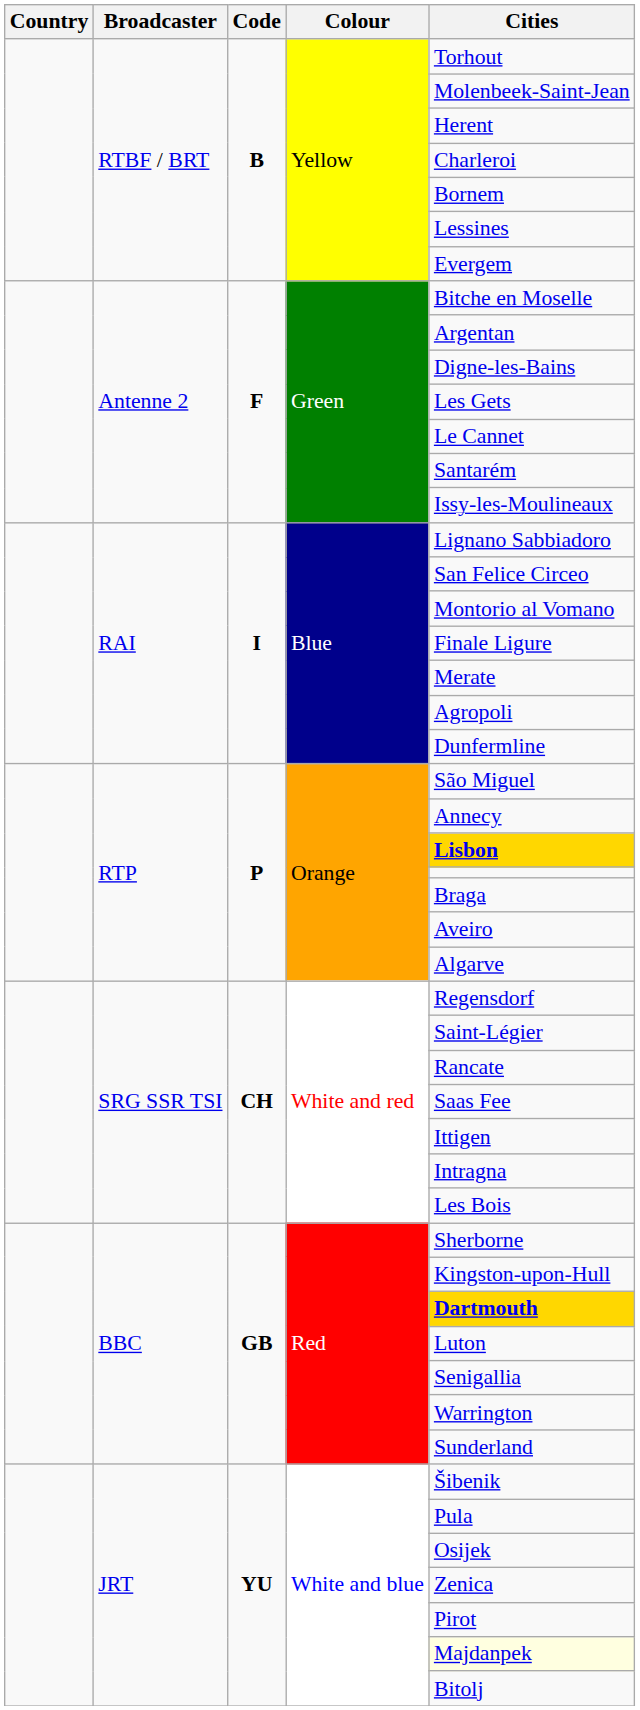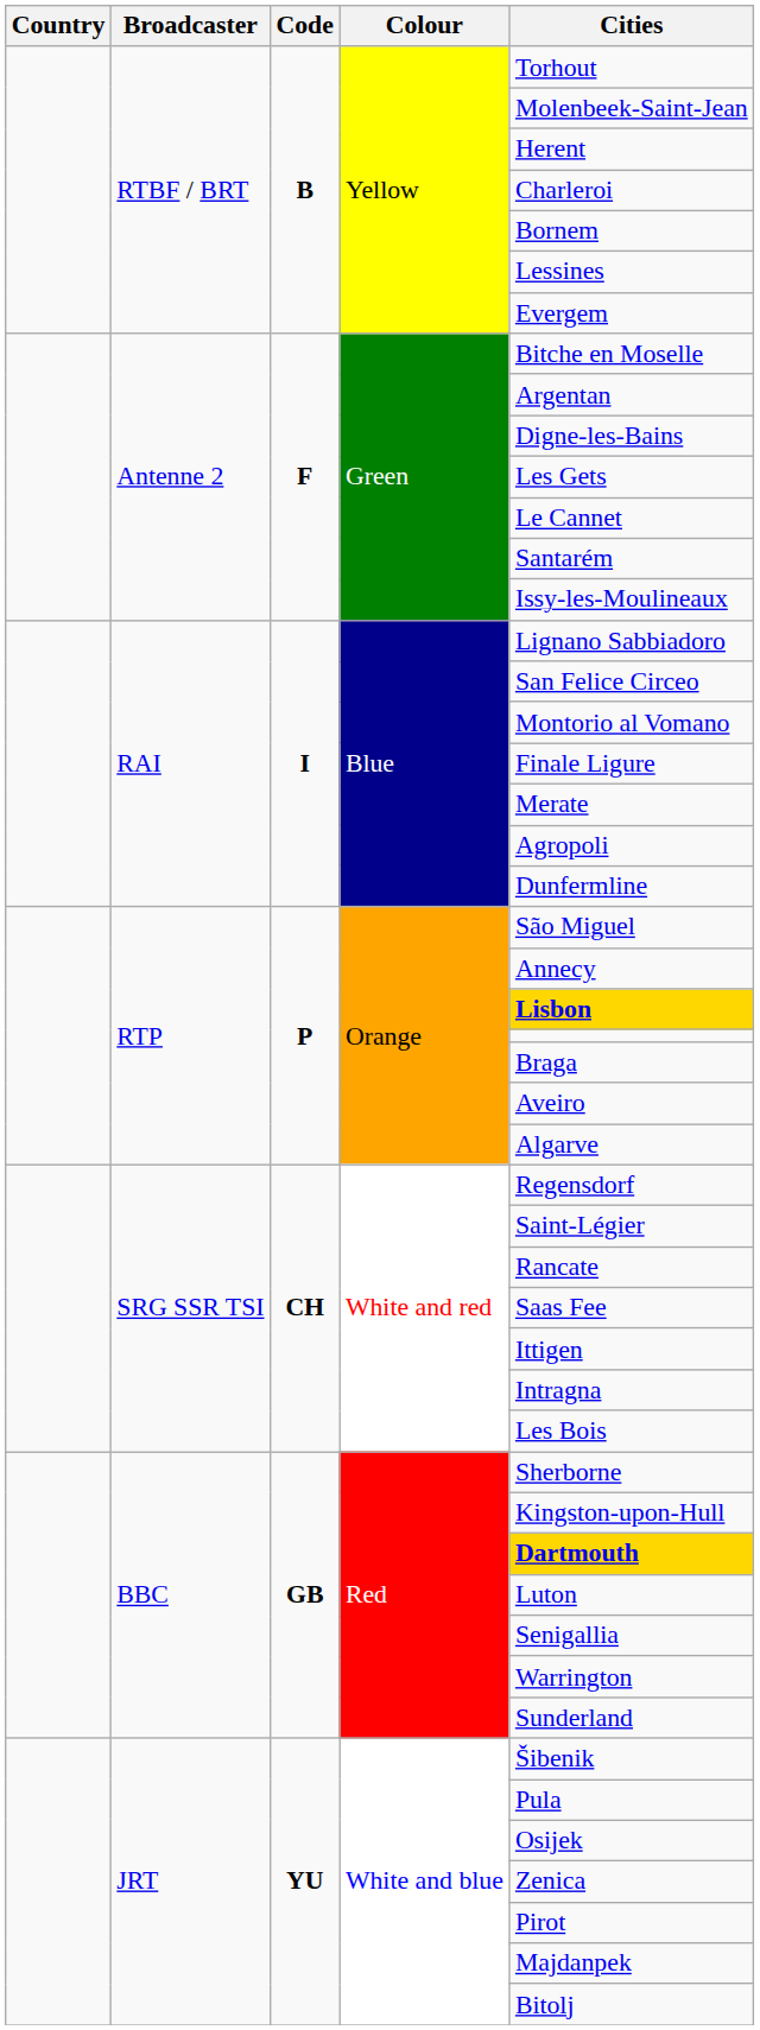 <table class="wikitable sortable">
 <tr>
 <th>Country</th>
 <th>Broadcaster</th>
 <th>Code</th>
 <th>Colour</th>
 <th>Cities</th>
 </tr>
 <tr>
 <td rowspan=7></td>
 <td rowspan=7><a href='#'>RTBF</a> / <a href='#'>BRT</a></td>
 <td rowspan=7 align="center"><strong>B</strong></td>
 <td rowspan=7 style="background:yellow">Yellow</td>
 <td><a href='#'>Torhout</a></td>
 </tr>
 <tr>
 <td><a href='#'>Molenbeek-Saint-Jean</a></td>
 </tr>
 <tr>
 <td><a href='#'>Herent</a></td>
 </tr>
 <tr>
 <td><a href='#'>Charleroi</a></td>
 </tr>
 <tr>
 <td><a href='#'>Bornem</a></td>
 </tr>
 <tr>
 <td><a href='#'>Lessines</a></td>
 </tr>
 <tr>
 <td><a href='#'>Evergem</a></td>
 </tr>
 <tr>
 <td rowspan=7></td>
 <td rowspan=7><a href='#'>Antenne 2</a></td>
 <td rowspan=7 align="center"><strong>F</strong></td>
 <td rowspan=7 style="background:green; color: white">Green</td>
 <td><a href='#'>Bitche en Moselle</a></td>
 </tr>
 <tr>
 <td><a href='#'>Argentan</a></td>
 </tr>
 <tr>
 <td><a href='#'>Digne-les-Bains</a></td>
 </tr>
 <tr>
 <td><a href='#'>Les Gets</a></td>
 </tr>
 <tr>
 <td><a href='#'>Le Cannet</a></td>
 </tr>
 <tr>
 <td><a href='#'>Santarém</a></td>
 </tr>
 <tr>
 <td><a href='#'>Issy-les-Moulineaux</a></td>
 </tr>
 <tr>
 <td rowspan=7></td>
 <td rowspan=7><a href='#'>RAI</a></td>
 <td rowspan=7 align="center"><strong>I</strong></td>
 <td rowspan=7 style="background:darkblue; color: white">Blue</td>
 <td><a href='#'>Lignano Sabbiadoro</a></td>
 </tr>
 <tr>
 <td><a href='#'>San Felice Circeo</a></td>
 </tr>
 <tr>
 <td><a href='#'>Montorio al Vomano</a></td>
 </tr>
 <tr>
 <td><a href='#'>Finale Ligure</a></td>
 </tr>
 <tr>
 <td><a href='#'>Merate</a></td>
 </tr>
 <tr>
 <td><a href='#'>Agropoli</a></td>
 </tr>
 <tr>
 <td><a href='#'>Dunfermline</a></td>
 </tr>
 <tr>
 <td rowspan=7></td>
 <td rowspan=7><a href='#'>RTP</a></td>
 <td rowspan=7 align="center"><strong>P</strong></td>
 <td rowspan=7 style="background:orange">Orange</td>
 <td> <a href='#'>São Miguel</a></td>
 </tr>
 <tr>
 <td><a href='#'>Annecy</a></td>
 </tr>
 <tr>
 <td style="font-weight:bold; background:gold;"><a href='#'>Lisbon</a></td>
 </tr>
 <tr>
 <td></td>
 </tr>
 <tr>
 <td><a href='#'>Braga</a></td>
 </tr>
 <tr>
 <td><a href='#'>Aveiro</a></td>
 </tr>
 <tr>
 <td><a href='#'>Algarve</a></td>
 </tr>
 <tr>
 <td rowspan=7></td>
 <td rowspan=7><a href='#'>SRG SSR TSI</a></td>
 <td rowspan=7 align="center"><strong>CH</strong></td>
 <td rowspan=7 style="background:white; color: red">White and red</td>
 <td><a href='#'>Regensdorf</a></td>
 </tr>
 <tr>
 <td><a href='#'>Saint-Légier</a></td>
 </tr>
 <tr>
 <td><a href='#'>Rancate</a></td>
 </tr>
 <tr>
 <td><a href='#'>Saas Fee</a></td>
 </tr>
 <tr>
 <td><a href='#'>Ittigen</a></td>
 </tr>
 <tr>
 <td><a href='#'>Intragna</a></td>
 </tr>
 <tr>
 <td><a href='#'>Les Bois</a></td>
 </tr>
 <tr>
 <td rowspan=7></td>
 <td rowspan=7><a href='#'>BBC</a></td>
 <td rowspan=7 align="center"><strong>GB</strong></td>
 <td rowspan=7 style="background:red; color: white">Red</td>
 <td><a href='#'>Sherborne</a></td>
 </tr>
 <tr>
 <td><a href='#'>Kingston-upon-Hull</a></td>
 </tr>
 <tr>
 <td style="font-weight:bold; background:gold;"><a href='#'>Dartmouth</a></td>
 </tr>
 <tr>
 <td><a href='#'>Luton</a></td>
 </tr>
 <tr>
 <td><a href='#'>Senigallia</a></td>
 </tr>
 <tr>
 <td><a href='#'>Warrington</a></td>
 </tr>
 <tr>
 <td><a href='#'>Sunderland</a></td>
 </tr>
 <tr>
 <td rowspan=7></td>
 <td rowspan=7><a href='#'>JRT</a></td>
 <td rowspan=7 align="center"><strong>YU</strong></td>
 <td rowspan=7 style="background:white; color: blue">White and blue</td>
 <td> <a href='#'>Šibenik</a></td>
 </tr>
 <tr>
 <td> <a href='#'>Pula</a></td>
 </tr>
 <tr>
 <td> <a href='#'>Osijek</a></td>
 </tr>
 <tr>
 <td> <a href='#'>Zenica</a></td>
 </tr>
 <tr>
 <td> <a href='#'>Pirot</a></td>
 </tr>
 <tr>
-<td style="background: lightyellow;"> <a href='#'>Majdanpek</a></td>
+<td> <a href='#'>Majdanpek</a></td>
 </tr>
 <tr>
 <td> <a href='#'>Bitolj</a></td>
 </tr>
 </table>
